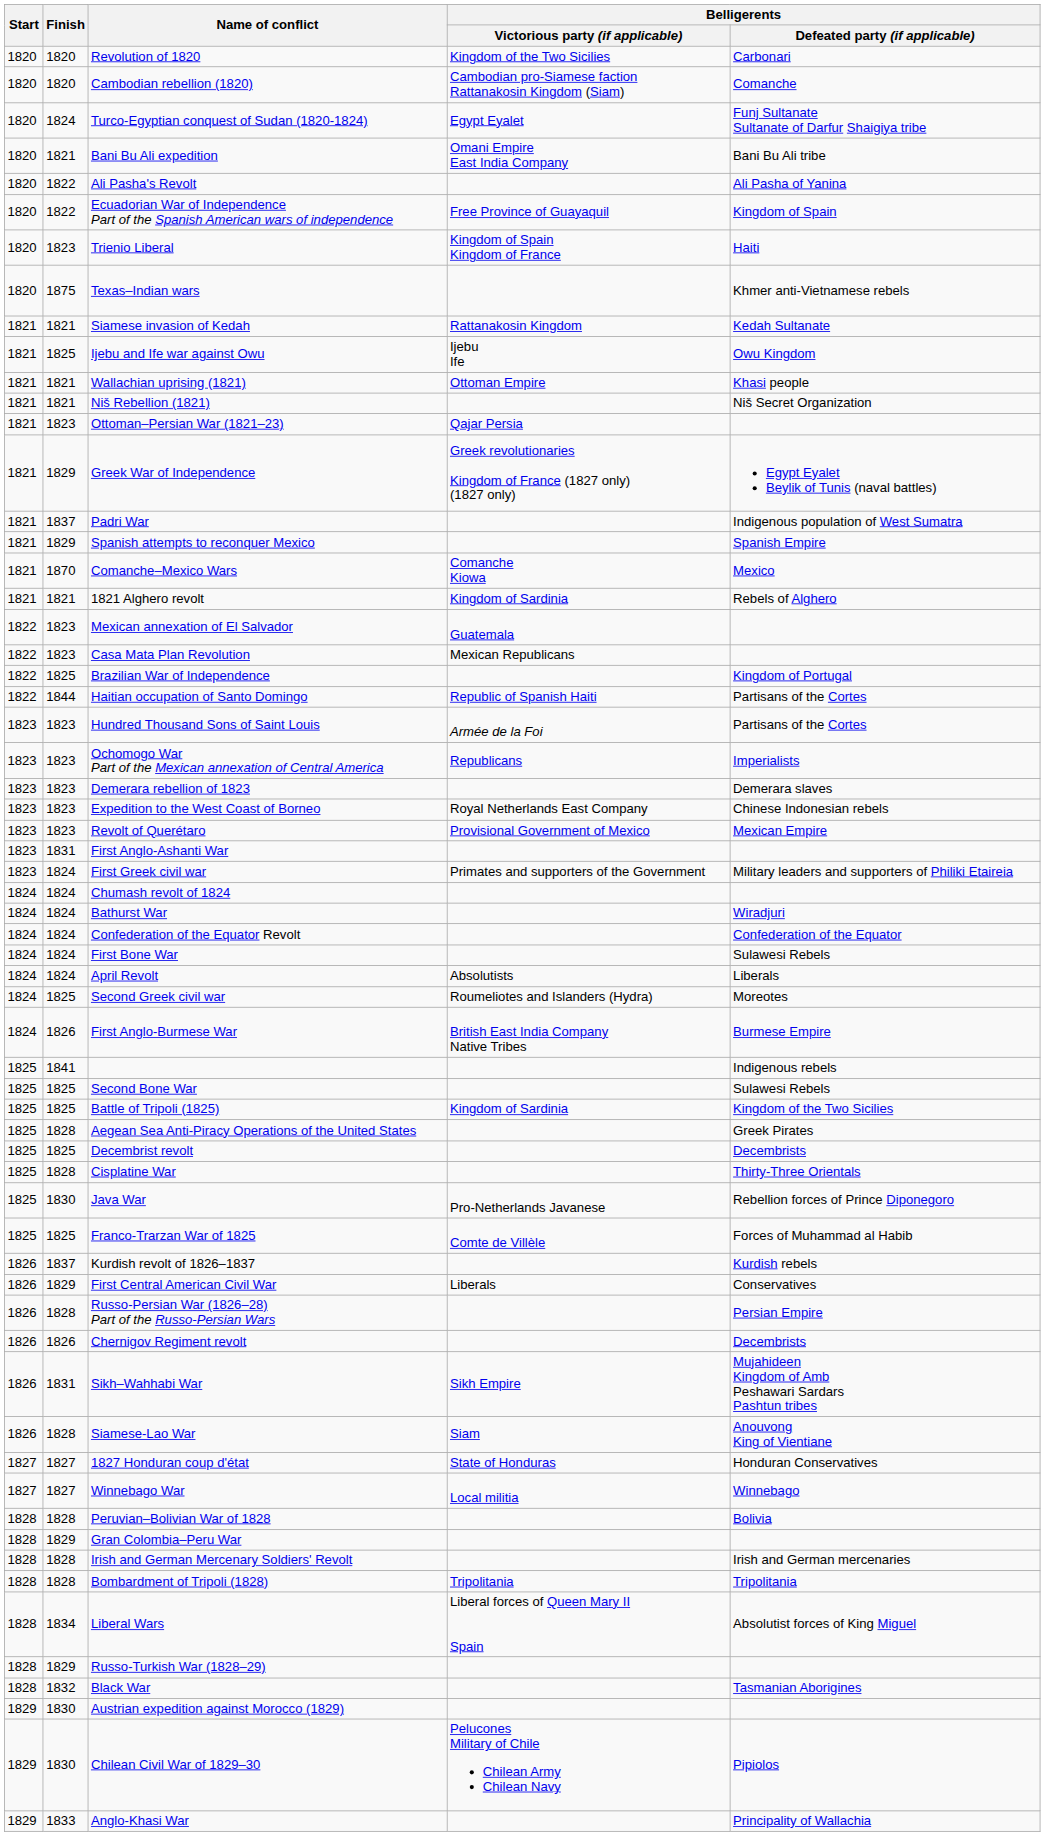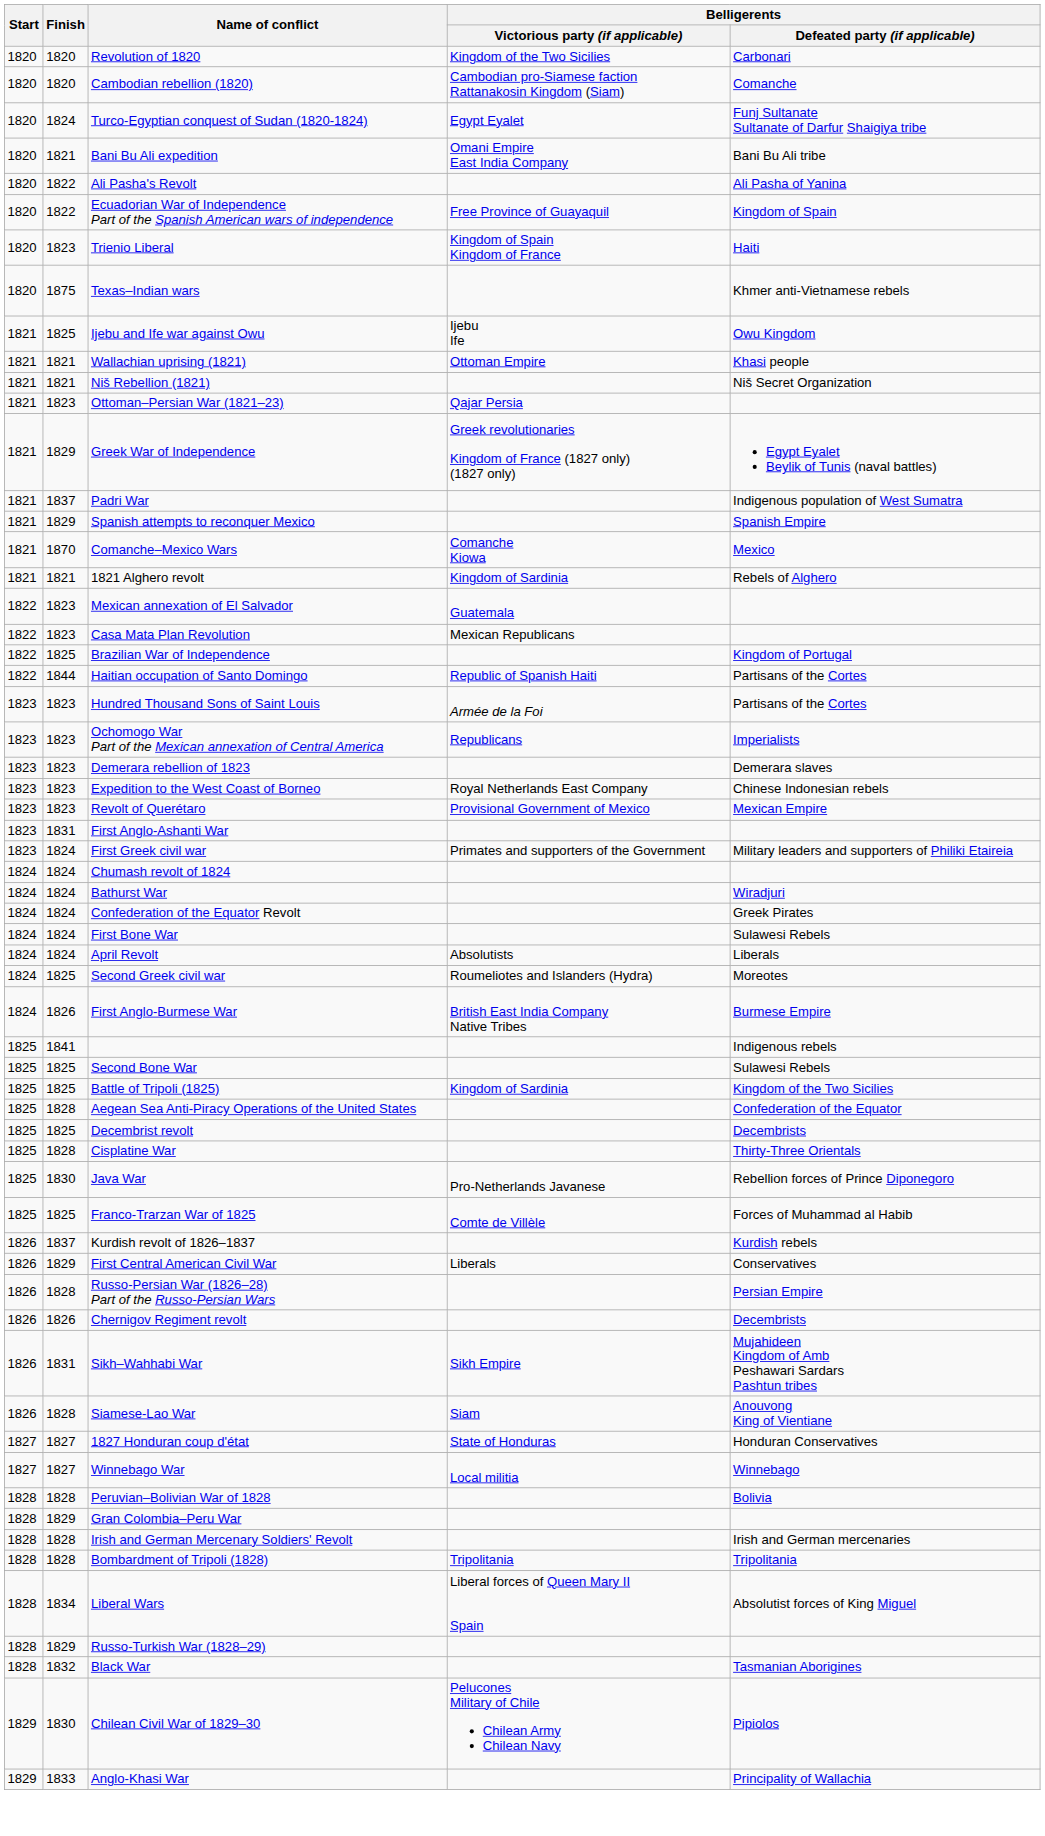 <table class="wikitable sortable" width="100%">
 <tr>
 <th rowspan="2" width="40">Start</th>
 <th rowspan="2" width="40">Finish</th>
 <th rowspan="2" class="unsortable">Name of conflict</th>
 <th colspan="2" class="unsortable">Belligerents</th>
 </tr>
 <tr>
 <th>Victorious party <em>(if applicable)</em></th>
 <th>Defeated party <em>(if applicable)</em></th>
 </tr>
 <tr>
 <td>1820</td>
 <td>1820</td>
 <td><a href='#'>Revolution of 1820</a></td>
 <td><a href='#'>Kingdom of the Two Sicilies</a></td>
 <td><a href='#'>Carbonari</a></td>
 </tr>
 <tr>
 <td>1820</td>
 <td>1820</td>
 <td><a href='#'>Cambodian rebellion (1820)</a></td>
 <td> <a href='#'>Cambodian pro-Siamese faction</a><br> <a href='#'>Rattanakosin Kingdom</a> (<a href='#'>Siam</a>)</td>
 <td><a href='#'>Comanche</a></td>
 </tr>
 <tr>
 <td>1820</td>
 <td>1824</td>
 <td><a href='#'>Turco-Egyptian conquest of Sudan (1820-1824)</a></td>
 <td> <a href='#'>Egypt Eyalet</a> <br></td>
 <td><a href='#'>Funj Sultanate</a><br><a href='#'>Sultanate of Darfur</a>  <a href='#'>Shaigiya tribe</a></td>
 </tr>
 <tr>
 <td>1820</td>
 <td>1821</td>
 <td><a href='#'>Bani Bu Ali expedition</a></td>
 <td><a href='#'>Omani Empire</a> <br> <a href='#'>East India Company</a></td>
 <td>Bani Bu Ali tribe</td>
 </tr>
 <tr>
 <td>1820</td>
 <td>1822</td>
 <td><a href='#'>Ali Pasha's Revolt</a></td>
 <td></td>
 <td><a href='#'>Ali Pasha of Yanina</a></td>
 </tr>
 <tr>
 <td>1820</td>
 <td>1822</td>
 <td><a href='#'>Ecuadorian War of Independence</a><br> <em>Part of the <a href='#'>Spanish American wars of independence</a></em></td>
 <td> <a href='#'>Free Province of Guayaquil</a></td>
 <td> <a href='#'>Kingdom of Spain</a></td>
 </tr>
 <tr>
 <td>1820</td>
 <td>1823</td>
 <td><a href='#'>Trienio Liberal</a></td>
 <td> <a href='#'>Kingdom of Spain</a> <br>  <a href='#'>Kingdom of France</a></td>
 <td> <a href='#'>Haiti</a></td>
 </tr>
 <tr>
 <td>1820</td>
 <td>1875</td>
 <td><a href='#'>Texas–Indian wars</a></td>
 <td><br><br><br></td>
 <td>Khmer anti-Vietnamese rebels</td>
-</tr>
-<tr>
-<td>1821</td>
-<td>1821</td>
-<td><a href='#'>Siamese invasion of Kedah</a></td>
-<td><a href='#'>Rattanakosin Kingdom</a></td>
-<td><a href='#'>Kedah Sultanate</a></td>
 </tr>
 <tr>
 <td>1821</td>
 <td>1825</td>
 <td><a href='#'>Ijebu and Ife war against Owu</a></td>
 <td>Ijebu<br>Ife</td>
 <td><a href='#'>Owu Kingdom</a></td>
 </tr>
 <tr>
 <td>1821</td>
 <td>1821</td>
 <td><a href='#'>Wallachian uprising (1821)</a></td>
 <td> <a href='#'>Ottoman Empire</a></td>
 <td><a href='#'>Khasi</a> people</td>
 </tr>
 <tr>
 <td>1821</td>
 <td>1821</td>
 <td><a href='#'>Niš Rebellion (1821)</a></td>
 <td></td>
 <td>Niš Secret Organization</td>
 </tr>
 <tr>
 <td>1821</td>
 <td>1823</td>
 <td><a href='#'>Ottoman–Persian War (1821–23)</a></td>
 <td> <a href='#'>Qajar Persia</a></td>
 <td></td>
 </tr>
 <tr>
 <td>1821</td>
 <td>1829</td>
 <td><a href='#'>Greek War of Independence</a></td>
 <td> <a href='#'>Greek revolutionaries</a><br><br> <a href='#'>Kingdom of France</a> (1827 only) <br>  (1827 only)</td>
 <td><br><ul><li> <a href='#'>Egypt Eyalet</a></li><li> <a href='#'>Beylik of Tunis</a> (naval battles)</li></ul></td>
 </tr>
 <tr>
 <td>1821</td>
 <td>1837</td>
 <td><a href='#'>Padri War</a></td>
 <td></td>
 <td>Indigenous population of <a href='#'>West Sumatra</a></td>
 </tr>
 <tr>
 <td>1821</td>
 <td>1829</td>
 <td><a href='#'>Spanish attempts to reconquer Mexico</a></td>
 <td></td>
 <td> <a href='#'>Spanish Empire</a></td>
 </tr>
 <tr>
 <td>1821</td>
 <td>1870</td>
 <td><a href='#'>Comanche–Mexico Wars</a></td>
 <td><a href='#'>Comanche</a><br><a href='#'>Kiowa</a></td>
 <td> <a href='#'>Mexico</a></td>
 </tr>
 <tr>
 <td>1821</td>
 <td>1821</td>
 <td>1821 Alghero revolt</td>
 <td> <a href='#'>Kingdom of Sardinia</a></td>
 <td>Rebels of <a href='#'>Alghero</a></td>
 </tr>
 <tr>
 <td>1822</td>
 <td>1823</td>
 <td><a href='#'>Mexican annexation of El Salvador</a></td>
 <td><br> <a href='#'>Guatemala</a></td>
 <td></td>
 </tr>
 <tr>
 <td>1822</td>
 <td>1823</td>
 <td><a href='#'>Casa Mata Plan Revolution</a></td>
 <td>Mexican Republicans</td>
 <td></td>
 </tr>
 <tr>
 <td>1822</td>
 <td>1825</td>
 <td><a href='#'>Brazilian War of Independence</a></td>
 <td></td>
 <td> <a href='#'>Kingdom of Portugal</a></td>
 </tr>
 <tr>
 <td>1822</td>
 <td>1844</td>
 <td><a href='#'>Haitian occupation of Santo Domingo</a></td>
 <td> <a href='#'>Republic of Spanish Haiti</a></td>
 <td> Partisans of the <a href='#'>Cortes</a></td>
 </tr>
 <tr>
 <td>1823</td>
 <td>1823</td>
 <td><a href='#'>Hundred Thousand Sons of Saint Louis</a></td>
 <td><br> <em>Armée de la Foi</em></td>
 <td> Partisans of the <a href='#'>Cortes</a></td>
 </tr>
 <tr>
 <td>1823</td>
 <td>1823</td>
 <td><a href='#'>Ochomogo War</a><br> <em>Part of the <a href='#'>Mexican annexation of Central America</a></em></td>
 <td> <a href='#'>Republicans</a></td>
 <td> <a href='#'>Imperialists</a></td>
 </tr>
 <tr>
 <td>1823</td>
 <td>1823</td>
 <td><a href='#'>Demerara rebellion of 1823</a></td>
 <td></td>
 <td>Demerara slaves</td>
 </tr>
 <tr>
 <td>1823</td>
 <td>1823</td>
 <td><a href='#'>Expedition to the West Coast of Borneo</a></td>
 <td>Royal Netherlands East Company</td>
 <td>Chinese Indonesian rebels</td>
 </tr>
 <tr>
 <td>1823</td>
 <td>1823</td>
 <td><a href='#'>Revolt of Querétaro</a></td>
 <td> <a href='#'>Provisional Government of Mexico</a></td>
 <td><a href='#'>Mexican Empire</a></td>
 </tr>
 <tr>
 <td>1823</td>
 <td>1831</td>
 <td><a href='#'>First Anglo-Ashanti War</a></td>
 <td></td>
 <td></td>
 </tr>
 <tr>
 <td>1823</td>
 <td>1824</td>
 <td><a href='#'>First Greek civil war</a></td>
 <td> Primates and supporters of the Government</td>
 <td>Military leaders and supporters of <a href='#'>Philiki Etaireia</a></td>
 </tr>
 <tr>
 <td>1824</td>
 <td>1824</td>
 <td><a href='#'>Chumash revolt of 1824</a></td>
 <td></td>
 <td></td>
 </tr>
 <tr>
 <td>1824</td>
 <td>1824</td>
 <td><a href='#'>Bathurst War</a></td>
 <td></td>
 <td><a href='#'>Wiradjuri</a></td>
 </tr>
 <tr>
 <td>1824</td>
 <td>1824</td>
 <td><a href='#'>Confederation of the Equator</a> Revolt</td>
 <td></td>
-<td> <a href='#'>Confederation of the Equator</a></td>
+<td>Greek Pirates</td>
 </tr>
 <tr>
 <td>1824</td>
 <td>1824</td>
 <td><a href='#'>First Bone War</a></td>
 <td></td>
 <td>Sulawesi Rebels</td>
 </tr>
 <tr>
 <td>1824</td>
 <td>1824</td>
 <td><a href='#'>April Revolt</a></td>
 <td>Absolutists</td>
 <td>Liberals</td>
 </tr>
 <tr>
 <td>1824</td>
 <td>1825</td>
 <td><a href='#'>Second Greek civil war</a></td>
 <td>Roumeliotes and Islanders (Hydra)</td>
 <td>Moreotes</td>
 </tr>
 <tr>
 <td>1824</td>
 <td>1826</td>
 <td><a href='#'>First Anglo-Burmese War</a></td>
 <td><br> <a href='#'>British East India Company</a><br>Native Tribes</td>
 <td><a href='#'>Burmese Empire</a></td>
 </tr>
 <tr>
 <td>1825</td>
 <td>1841</td>
 <td></td>
 <td></td>
 <td>Indigenous rebels</td>
 </tr>
 <tr>
 <td>1825</td>
 <td>1825</td>
 <td><a href='#'>Second Bone War</a></td>
 <td></td>
 <td>Sulawesi Rebels</td>
 </tr>
 <tr>
 <td>1825</td>
 <td>1825</td>
 <td><a href='#'>Battle of Tripoli (1825)</a></td>
 <td> <a href='#'>Kingdom of Sardinia</a></td>
 <td> <a href='#'>Kingdom of the Two Sicilies</a></td>
 </tr>
 <tr>
 <td>1825</td>
 <td>1828</td>
 <td><a href='#'>Aegean Sea Anti-Piracy Operations of the United States</a></td>
 <td></td>
-<td>Greek Pirates</td>
+<td> <a href='#'>Confederation of the Equator</a></td>
 </tr>
 <tr>
 <td>1825</td>
 <td>1825</td>
 <td><a href='#'>Decembrist revolt</a></td>
 <td></td>
 <td> <a href='#'>Decembrists</a></td>
 </tr>
 <tr>
 <td>1825</td>
 <td>1828</td>
 <td><a href='#'>Cisplatine War</a></td>
 <td></td>
 <td><a href='#'>Thirty-Three Orientals</a></td>
 </tr>
 <tr>
 <td>1825</td>
 <td>1830</td>
 <td><a href='#'>Java War</a></td>
 <td><br>Pro-Netherlands Javanese</td>
 <td>Rebellion forces of Prince <a href='#'>Diponegoro</a></td>
 </tr>
 <tr>
 <td>1825</td>
 <td>1825</td>
 <td><a href='#'>Franco-Trarzan War of 1825</a></td>
 <td><br><a href='#'>Comte de Villèle</a></td>
 <td>Forces of Muhammad al Habib</td>
 </tr>
 <tr>
 <td>1826</td>
 <td>1837</td>
 <td>Kurdish revolt of 1826–1837</td>
 <td></td>
 <td><a href='#'>Kurdish</a> rebels</td>
 </tr>
 <tr>
 <td>1826</td>
 <td>1829</td>
 <td><a href='#'>First Central American Civil War</a></td>
 <td> Liberals</td>
 <td> Conservatives</td>
 </tr>
 <tr>
 <td>1826</td>
 <td>1828</td>
 <td><a href='#'>Russo-Persian War (1826–28)</a><br> <em>Part of the <a href='#'>Russo-Persian Wars</a></em></td>
 <td></td>
 <td> <a href='#'>Persian Empire</a></td>
 </tr>
 <tr>
 <td>1826</td>
 <td>1826</td>
 <td><a href='#'>Chernigov Regiment revolt</a></td>
 <td></td>
 <td> <a href='#'>Decembrists</a></td>
 </tr>
 <tr>
 <td>1826</td>
 <td>1831</td>
 <td><a href='#'>Sikh–Wahhabi War</a></td>
 <td> <a href='#'>Sikh Empire</a></td>
 <td> <a href='#'>Mujahideen</a><br>  <a href='#'>Kingdom of Amb</a><br>  Peshawari Sardars <br>  <a href='#'>Pashtun tribes</a></td>
 </tr>
 <tr>
 <td>1826</td>
 <td>1828</td>
 <td><a href='#'>Siamese-Lao War</a></td>
 <td> <a href='#'>Siam</a></td>
 <td> <a href='#'>Anouvong</a><br><a href='#'>King of Vientiane</a></td>
 </tr>
 <tr>
 <td>1827</td>
 <td>1827</td>
 <td><a href='#'>1827 Honduran coup d'état</a></td>
 <td><a href='#'>State of Honduras</a></td>
 <td>Honduran Conservatives</td>
 </tr>
 <tr>
 <td>1827</td>
 <td>1827</td>
 <td><a href='#'>Winnebago War</a></td>
 <td><br><a href='#'>Local militia</a></td>
 <td><a href='#'>Winnebago</a></td>
 </tr>
 <tr>
 <td>1828</td>
 <td>1828</td>
 <td><a href='#'>Peruvian–Bolivian War of 1828</a></td>
 <td></td>
 <td> <a href='#'>Bolivia</a></td>
 </tr>
 <tr>
 <td>1828</td>
 <td>1829</td>
 <td><a href='#'>Gran Colombia–Peru War</a></td>
 <td></td>
 <td></td>
 </tr>
 <tr>
 <td>1828</td>
 <td>1828</td>
 <td><a href='#'>Irish and German Mercenary Soldiers' Revolt</a></td>
 <td></td>
 <td>Irish and German mercenaries</td>
 </tr>
 <tr>
 <td>1828</td>
 <td>1828</td>
 <td><a href='#'>Bombardment of Tripoli (1828)</a></td>
 <td> <a href='#'>Tripolitania</a></td>
 <td> <a href='#'>Tripolitania</a></td>
 </tr>
 <tr>
 <td>1828</td>
 <td>1834</td>
 <td><a href='#'>Liberal Wars</a></td>
 <td> Liberal forces of <a href='#'>Queen Mary II</a><br><br><br>  <a href='#'>Spain</a></td>
 <td> Absolutist forces of King <a href='#'>Miguel</a></td>
 </tr>
 <tr>
 <td>1828</td>
 <td>1829</td>
 <td><a href='#'>Russo-Turkish War (1828–29)</a></td>
 <td></td>
 <td></td>
 </tr>
 <tr>
 <td>1828</td>
 <td>1832</td>
 <td><a href='#'>Black War</a></td>
 <td></td>
 <td><a href='#'>Tasmanian Aborigines</a></td>
 </tr>
 <tr>
 <td>1829</td>
 <td>1830</td>
-<td><a href='#'>Austrian expedition against Morocco (1829)</a></td>
-<td></td>
-<td></td>
-</tr>
-<tr>
-<td>1829</td>
-<td>1830</td>
 <td><a href='#'>Chilean Civil War of 1829–30</a></td>
 <td> <a href='#'>Pelucones</a><br> <a href='#'>Military of Chile</a><br><ul><li><a href='#'>Chilean Army</a></li><li><a href='#'>Chilean Navy</a></li></ul></td>
 <td> <a href='#'>Pipiolos</a></td>
 </tr>
 <tr>
 <td>1829</td>
 <td>1833</td>
 <td><a href='#'>Anglo-Khasi War</a></td>
 <td></td>
 <td> <a href='#'>Principality of Wallachia</a></td>
 </tr>
 </table>
